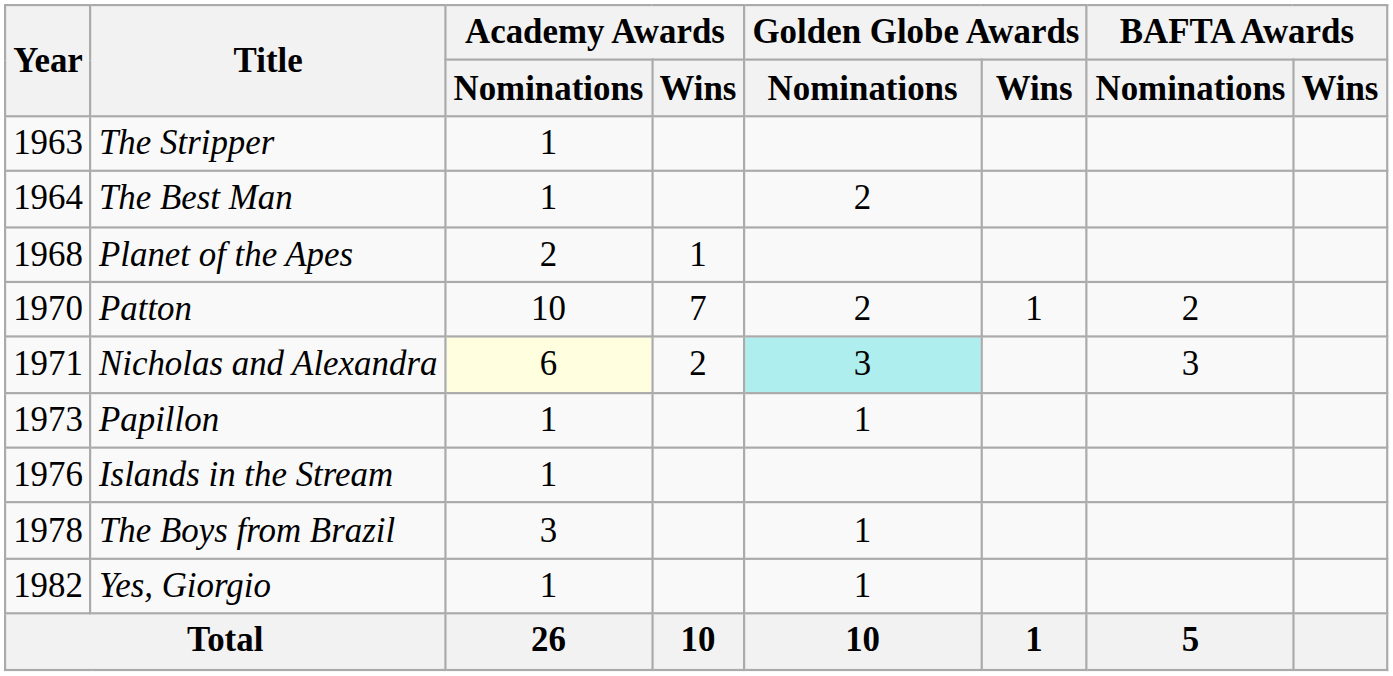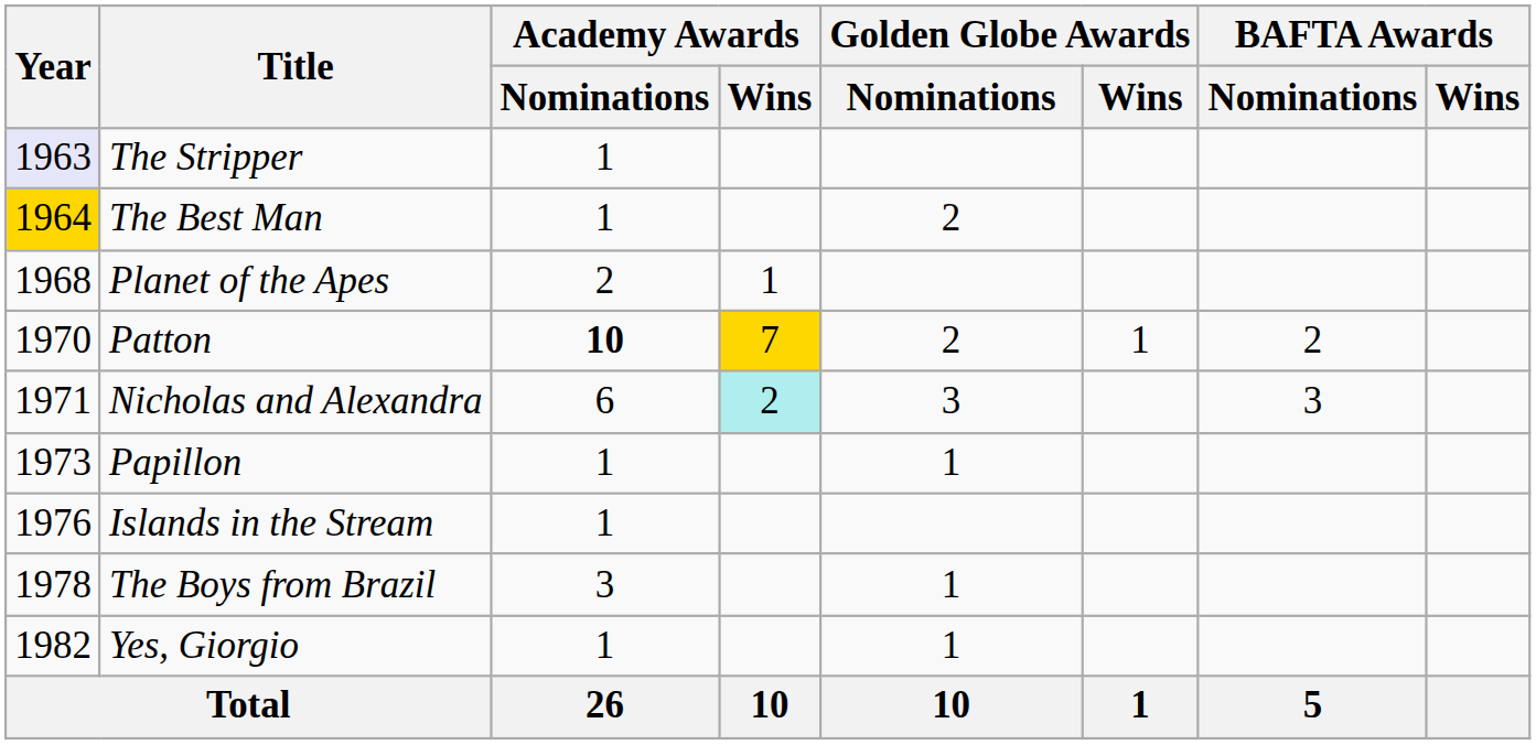 <table class="wikitable ">
 <tr>
 <th rowspan="2">Year</th>
 <th rowspan="2">Title</th>
 <th colspan="2" style="text-align:center;">Academy Awards</th>
 <th colspan="2" style="text-align:center;">Golden Globe Awards</th>
 <th colspan="2" style="text-align:center;">BAFTA Awards</th>
 </tr>
 <tr>
 <th>Nominations</th>
 <th>Wins</th>
 <th>Nominations</th>
 <th>Wins</th>
 <th>Nominations</th>
 <th>Wins</th>
 </tr>
 <tr>
-<td>1963</td>
+<td style="background: lavender;">1963</td>
 <td><em>The Stripper</em></td>
 <td align=center>1</td>
 <td></td>
 <td></td>
 <td></td>
 <td></td>
 <td></td>
 </tr>
 <tr>
-<td>1964</td>
+<td style="background: gold;">1964</td>
 <td><em>The Best Man</em></td>
 <td align=center>1</td>
 <td></td>
 <td align=center>2</td>
 <td></td>
 <td></td>
 <td></td>
 </tr>
 <tr>
 <td>1968</td>
 <td><em>Planet of the Apes</em></td>
 <td align=center>2</td>
 <td align=center>1</td>
 <td></td>
 <td></td>
 <td></td>
 <td></td>
 </tr>
 <tr>
 <td>1970</td>
 <td><em>Patton</em></td>
-<td align=center>10</td>
-<td align=center>7</td>
+<td align=center><strong>10</strong></td>
+<td align=center style="background: gold;">7</td>
 <td align=center>2</td>
 <td align=center>1</td>
 <td align=center>2</td>
 <td></td>
 </tr>
 <tr>
 <td>1971</td>
 <td><em>Nicholas and Alexandra</em></td>
-<td align=center style="background: lightyellow;">6</td>
-<td align=center>2</td>
-<td align=center style="background: paleturquoise;">3</td>
+<td align=center>6</td>
+<td align=center style="background: paleturquoise;">2</td>
+<td align=center>3</td>
 <td></td>
 <td align=center>3</td>
 <td></td>
 </tr>
 <tr>
 <td>1973</td>
 <td><em>Papillon</em></td>
 <td align=center>1</td>
 <td></td>
 <td align=center>1</td>
 <td></td>
 <td></td>
 <td></td>
 </tr>
 <tr>
 <td>1976</td>
 <td><em>Islands in the Stream</em></td>
 <td align=center>1</td>
 <td></td>
 <td></td>
 <td></td>
 <td></td>
 <td></td>
 </tr>
 <tr>
 <td>1978</td>
 <td><em>The Boys from Brazil</em></td>
 <td align=center>3</td>
 <td></td>
 <td align=center>1</td>
 <td></td>
 <td></td>
 <td></td>
 </tr>
 <tr>
 <td>1982</td>
 <td><em>Yes, Giorgio</em></td>
 <td align=center>1</td>
 <td></td>
 <td align=center>1</td>
 <td></td>
 <td></td>
 <td></td>
 </tr>
 <tr>
 <th colspan="2">Total</th>
 <th align=center>26</th>
 <th align=center>10</th>
 <th align=center>10</th>
 <th align=center>1</th>
 <th align=center>5</th>
 <th></th>
 </tr>
 </table>
